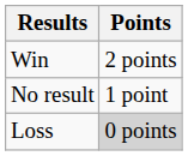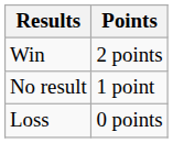 <table class="wikitable">
 <tr>
 <th colspan="1">Results</th>
 <th colspan="1">Points</th>
 </tr>
 <tr>
 <td>Win</td>
 <td>2 points</td>
 </tr>
 <tr>
 <td>No result</td>
 <td>1 point</td>
 </tr>
 <tr>
 <td>Loss</td>
-<td style="background: lightgrey;">0 points</td>
+<td>0 points</td>
 </tr>
 </table>
